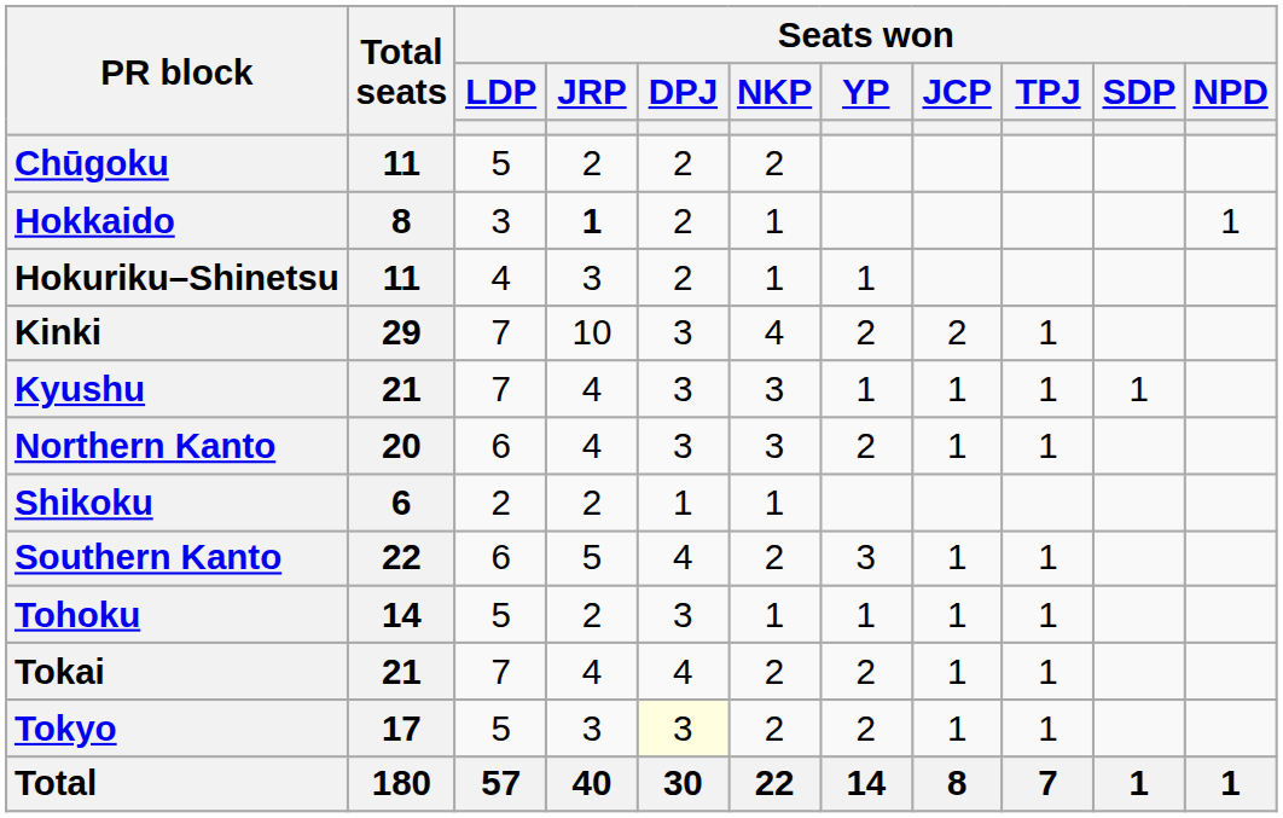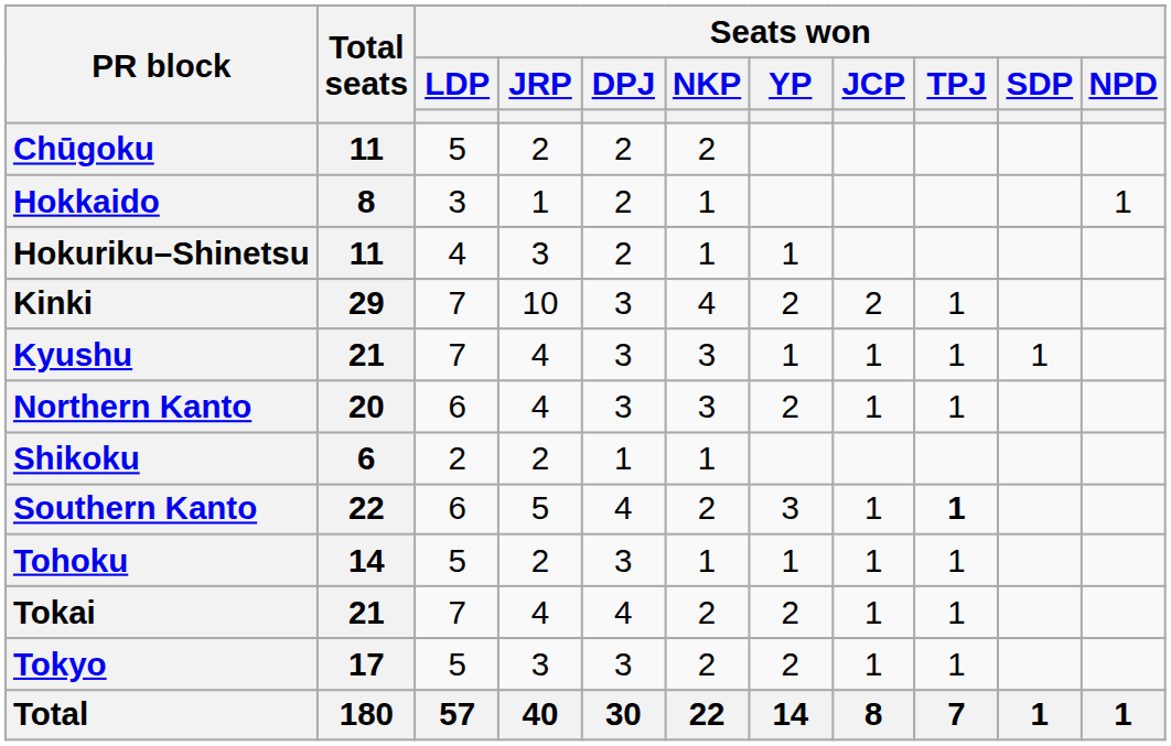 <table class="wikitable" style="text-align:center; font-size: 0.9em;">
 <tr>
 <th rowspan="3">PR block</th>
 <th rowspan="3">Total<br>seats</th>
 <th colspan="9">Seats won</th>
 </tr>
 <tr>
 <th class="unsortable" style="width:30px;"><a href='#'>LDP</a></th>
 <th class="unsortable" style="width:30px;"><a href='#'>JRP</a></th>
 <th class="unsortable" style="width:30px;"><a href='#'>DPJ</a></th>
 <th class="unsortable" style="width:30px;"><a href='#'>NKP</a></th>
 <th class="unsortable" style="width:30px;"><a href='#'>YP</a></th>
 <th class="unsortable" style="width:30px;"><a href='#'>JCP</a></th>
 <th class="unsortable" style="width:30px;"><a href='#'>TPJ</a></th>
 <th class="unsortable" style="width:30px;"><a href='#'>SDP</a></th>
 <th class="unsortable" style="width:30px;"><a href='#'>NPD</a></th>
 </tr>
 <tr>
 <th style="background:"></th>
 <th style="background:"></th>
 <th style="background:"></th>
 <th style="background:"></th>
 <th style="background:"></th>
 <th style="background:"></th>
 <th style="background:"></th>
 <th style="background:"></th>
 <th style="background:"></th>
 </tr>
 <tr>
 <th style="text-align: left;"><a href='#'>Chūgoku</a></th>
 <th>11</th>
 <td>5</td>
 <td>2</td>
 <td>2</td>
 <td>2</td>
 <td></td>
 <td></td>
 <td></td>
 <td></td>
 <td></td>
 </tr>
 <tr>
 <th style="text-align: left;"><a href='#'>Hokkaido</a></th>
 <th>8</th>
 <td>3</td>
-<td><strong>1</strong></td>
+<td>1</td>
 <td>2</td>
 <td>1</td>
 <td></td>
 <td></td>
 <td></td>
 <td></td>
 <td>1</td>
 </tr>
 <tr>
 <th style="text-align: left;">Hokuriku–Shinetsu</th>
 <th>11</th>
 <td>4</td>
 <td>3</td>
 <td>2</td>
 <td>1</td>
 <td>1</td>
 <td></td>
 <td></td>
 <td></td>
 <td></td>
 </tr>
 <tr>
 <th style="text-align: left;">Kinki</th>
 <th>29</th>
 <td>7</td>
 <td>10</td>
 <td>3</td>
 <td>4</td>
 <td>2</td>
 <td>2</td>
 <td>1</td>
 <td></td>
 <td></td>
 </tr>
 <tr>
 <th style="text-align: left;"><a href='#'>Kyushu</a></th>
 <th>21</th>
 <td>7</td>
 <td>4</td>
 <td>3</td>
 <td>3</td>
 <td>1</td>
 <td>1</td>
 <td>1</td>
 <td>1</td>
 <td></td>
 </tr>
 <tr>
 <th style="text-align: left;"><a href='#'>Northern Kanto</a></th>
 <th>20</th>
 <td>6</td>
 <td>4</td>
 <td>3</td>
 <td>3</td>
 <td>2</td>
 <td>1</td>
 <td>1</td>
 <td></td>
 <td></td>
 </tr>
 <tr>
 <th style="text-align: left;"><a href='#'>Shikoku</a></th>
 <th>6</th>
 <td>2</td>
 <td>2</td>
 <td>1</td>
 <td>1</td>
 <td></td>
 <td></td>
 <td></td>
 <td></td>
 <td></td>
 </tr>
 <tr>
 <th style="text-align: left;"><a href='#'>Southern Kanto</a></th>
 <th>22</th>
 <td>6</td>
 <td>5</td>
 <td>4</td>
 <td>2</td>
 <td>3</td>
 <td>1</td>
-<td>1</td>
+<td><strong>1</strong></td>
 <td></td>
 <td></td>
 </tr>
 <tr>
 <th style="text-align: left;"><a href='#'>Tohoku</a></th>
 <th>14</th>
 <td>5</td>
 <td>2</td>
 <td>3</td>
 <td>1</td>
 <td>1</td>
 <td>1</td>
 <td>1</td>
 <td></td>
 <td></td>
 </tr>
 <tr>
 <th style="text-align: left;">Tokai</th>
 <th>21</th>
 <td>7</td>
 <td>4</td>
 <td>4</td>
 <td>2</td>
 <td>2</td>
 <td>1</td>
 <td>1</td>
 <td></td>
 <td></td>
 </tr>
 <tr>
 <th style="text-align: left;"><a href='#'>Tokyo</a></th>
 <th>17</th>
 <td>5</td>
 <td>3</td>
-<td style="background: lightyellow;">3</td>
+<td>3</td>
 <td>2</td>
 <td>2</td>
 <td>1</td>
 <td>1</td>
 <td></td>
 <td></td>
 </tr>
 <tr class="sortbottom">
 <th style="text-align: left;">Total</th>
 <th>180</th>
 <th>57</th>
 <th>40</th>
 <th>30</th>
 <th>22</th>
 <th>14</th>
 <th>8</th>
 <th>7</th>
 <th>1</th>
 <th>1</th>
 </tr>
 </table>
